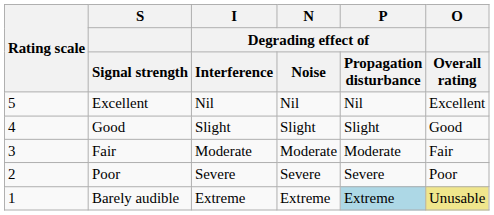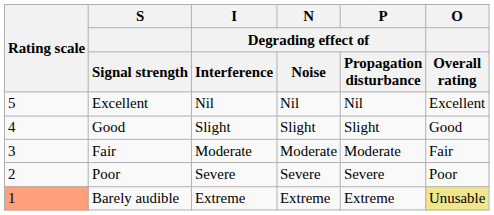 <table class="wikitable">
 <tr>
 <th rowspan="3">Rating scale</th>
 <th>S</th>
 <th>I</th>
 <th>N</th>
 <th>P</th>
 <th>O</th>
 </tr>
 <tr>
 <th></th>
 <th Colspan="3">Degrading effect of</th>
 <th></th>
 </tr>
 <tr>
 <th>Signal strength</th>
 <th>Interference</th>
 <th>Noise</th>
 <th>Propagation<br>disturbance</th>
 <th>Overall<br>rating</th>
 </tr>
 <tr>
 <td>5</td>
 <td>Excellent</td>
 <td>Nil</td>
 <td>Nil</td>
 <td>Nil</td>
 <td>Excellent</td>
 </tr>
 <tr>
 <td>4</td>
 <td>Good</td>
 <td>Slight</td>
 <td>Slight</td>
 <td>Slight</td>
 <td>Good</td>
 </tr>
 <tr>
 <td>3</td>
 <td>Fair</td>
 <td>Moderate</td>
 <td>Moderate</td>
 <td>Moderate</td>
 <td>Fair</td>
 </tr>
 <tr>
 <td>2</td>
 <td>Poor</td>
 <td>Severe</td>
 <td>Severe</td>
 <td>Severe</td>
 <td>Poor</td>
 </tr>
 <tr>
-<td>1</td>
+<td style="background: lightsalmon;">1</td>
 <td>Barely audible</td>
 <td>Extreme</td>
 <td>Extreme</td>
-<td style="background: lightblue;">Extreme</td>
+<td>Extreme</td>
 <td style="background: khaki;">Unusable</td>
 </tr>
 </table>
